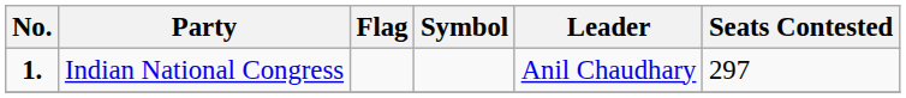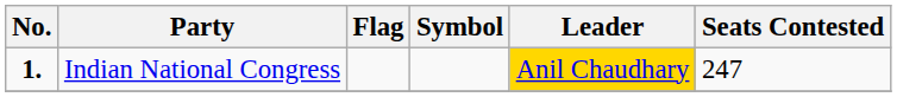 <table class="wikitable" "width="50%">
 <tr>
 <th>No.</th>
 <th>Party</th>
 <th>Flag</th>
 <th>Symbol</th>
 <th>Leader</th>
 <th>Seats Contested</th>
 </tr>
 <tr>
 <td ! style="text-align:center; background:"><strong>1.</strong></td>
 <td><a href='#'>Indian National Congress</a></td>
 <td></td>
 <td></td>
-<td><a href='#'>Anil Chaudhary</a></td>
-<td>297</td>
+<td style="background: gold;"><a href='#'>Anil Chaudhary</a></td>
+<td>247</td>
 </tr>
 <tr>
 </tr>
 </table>
